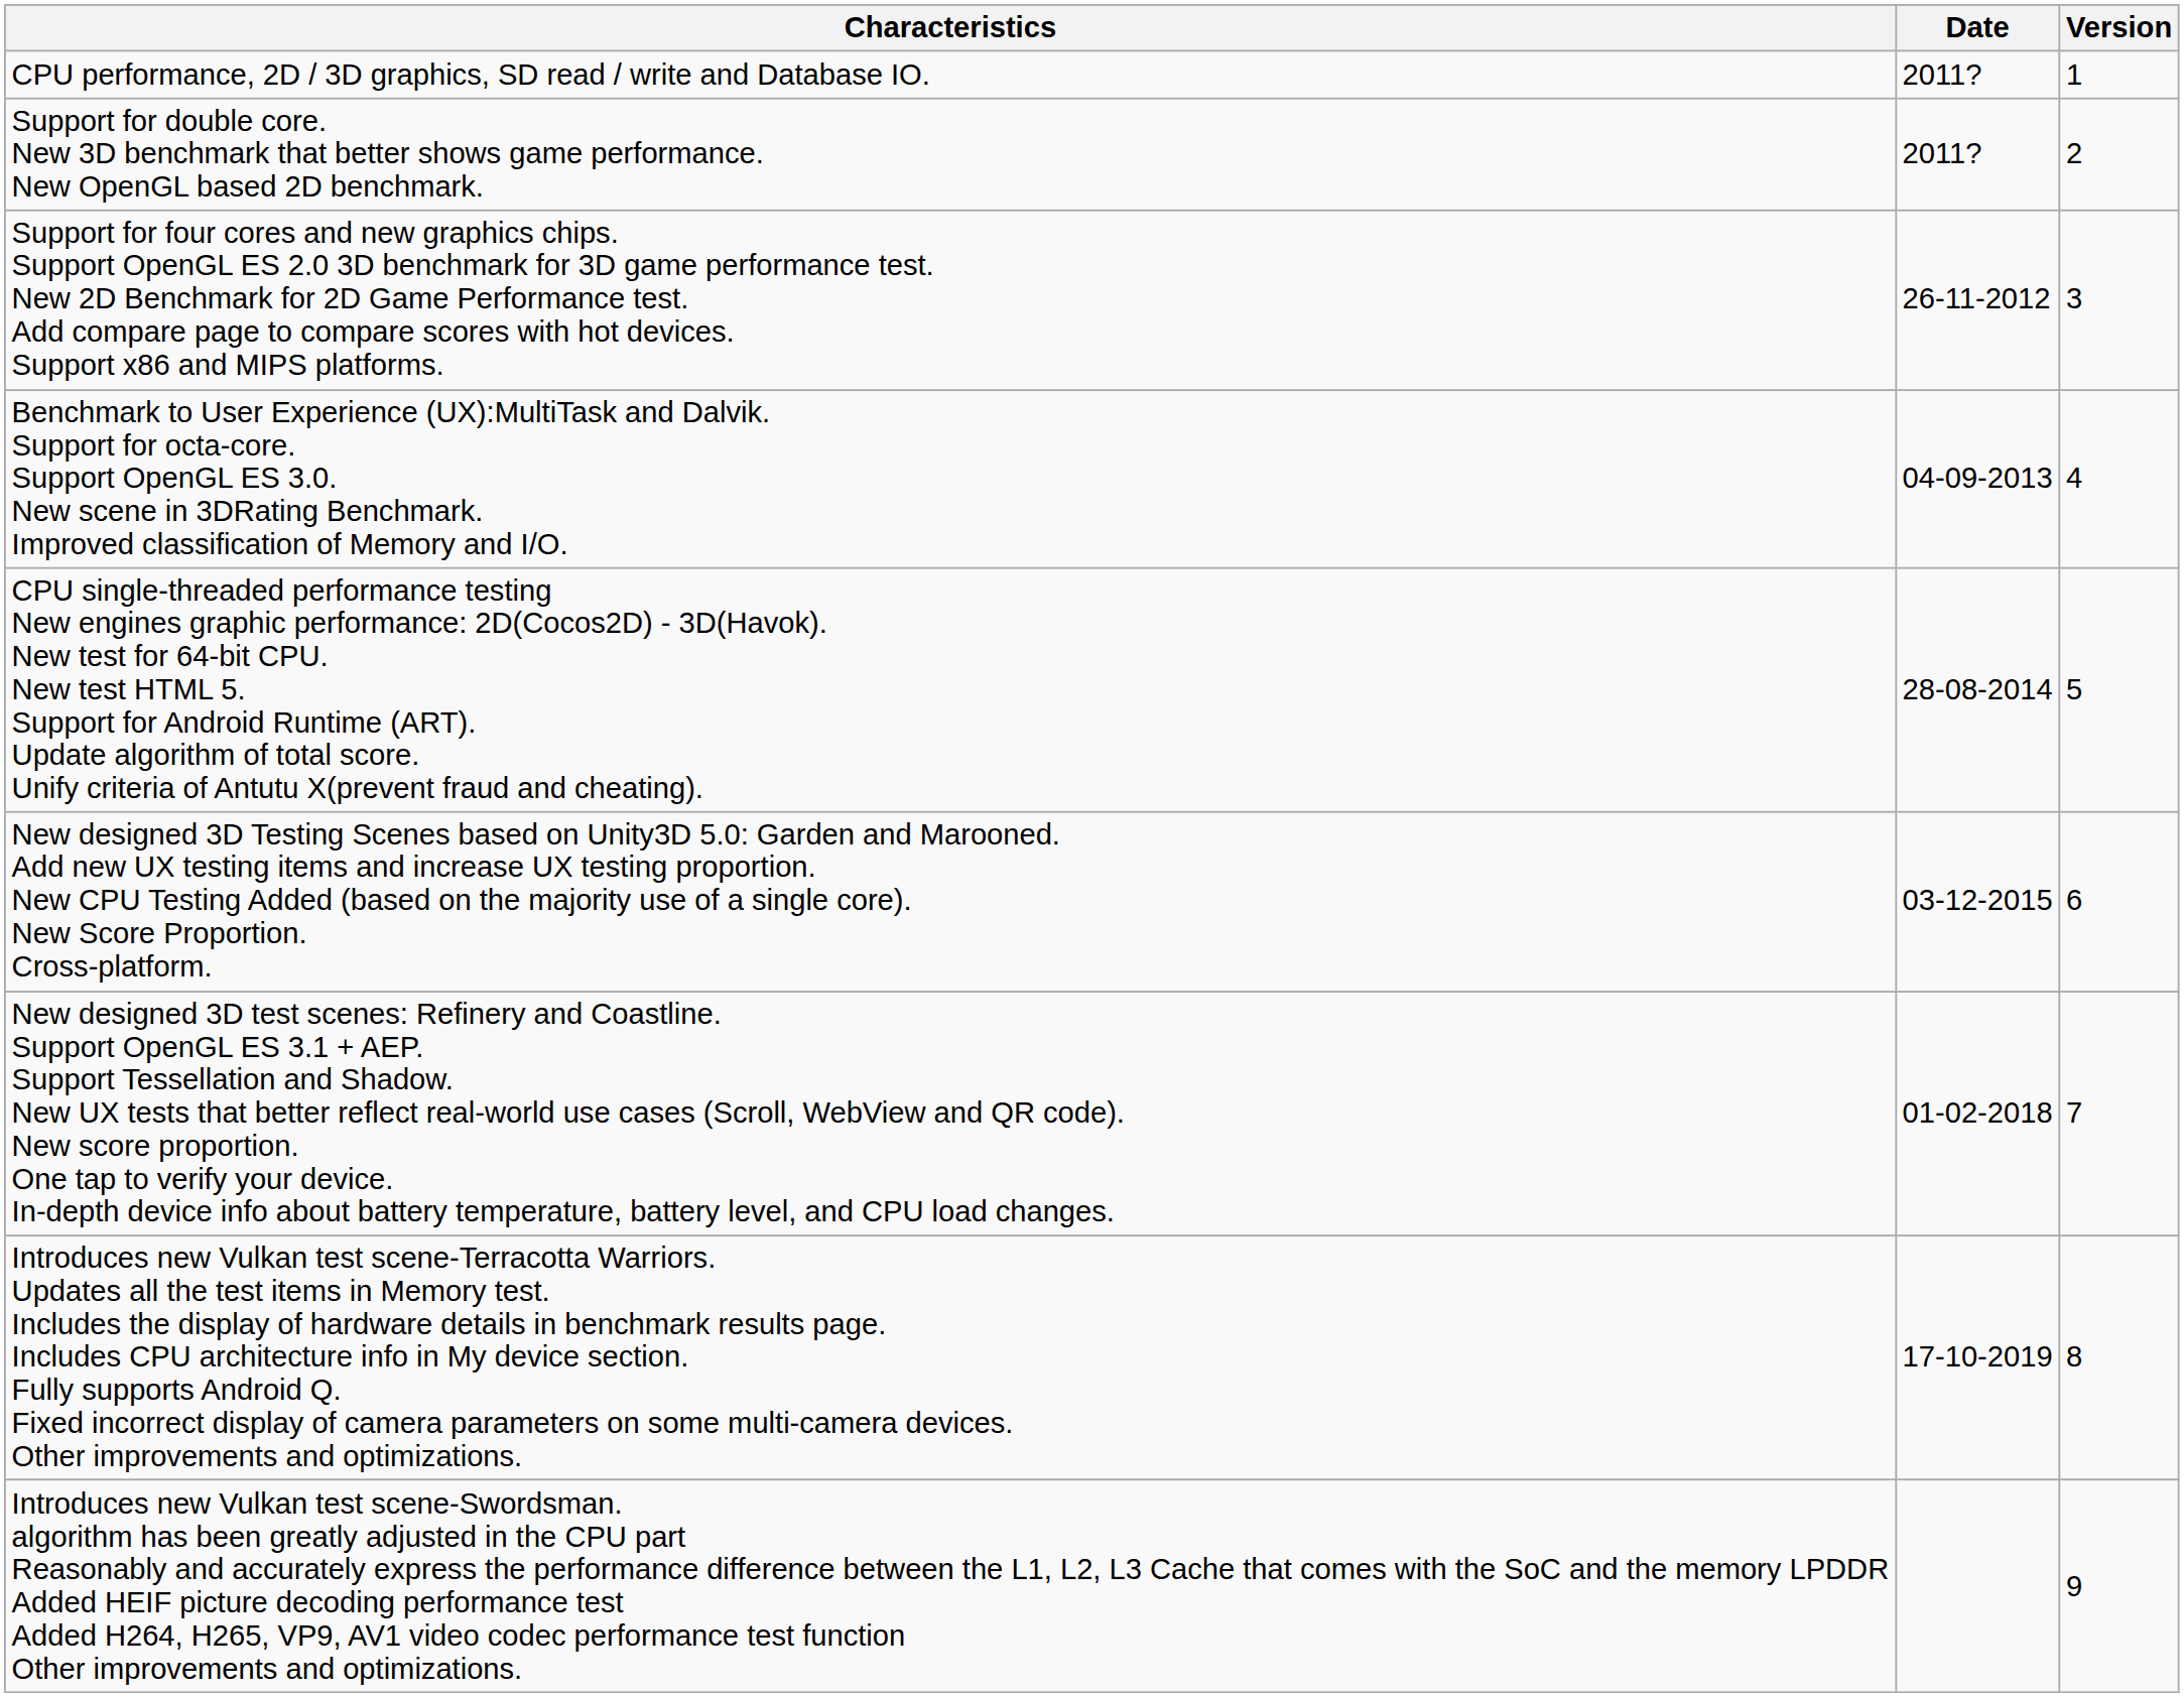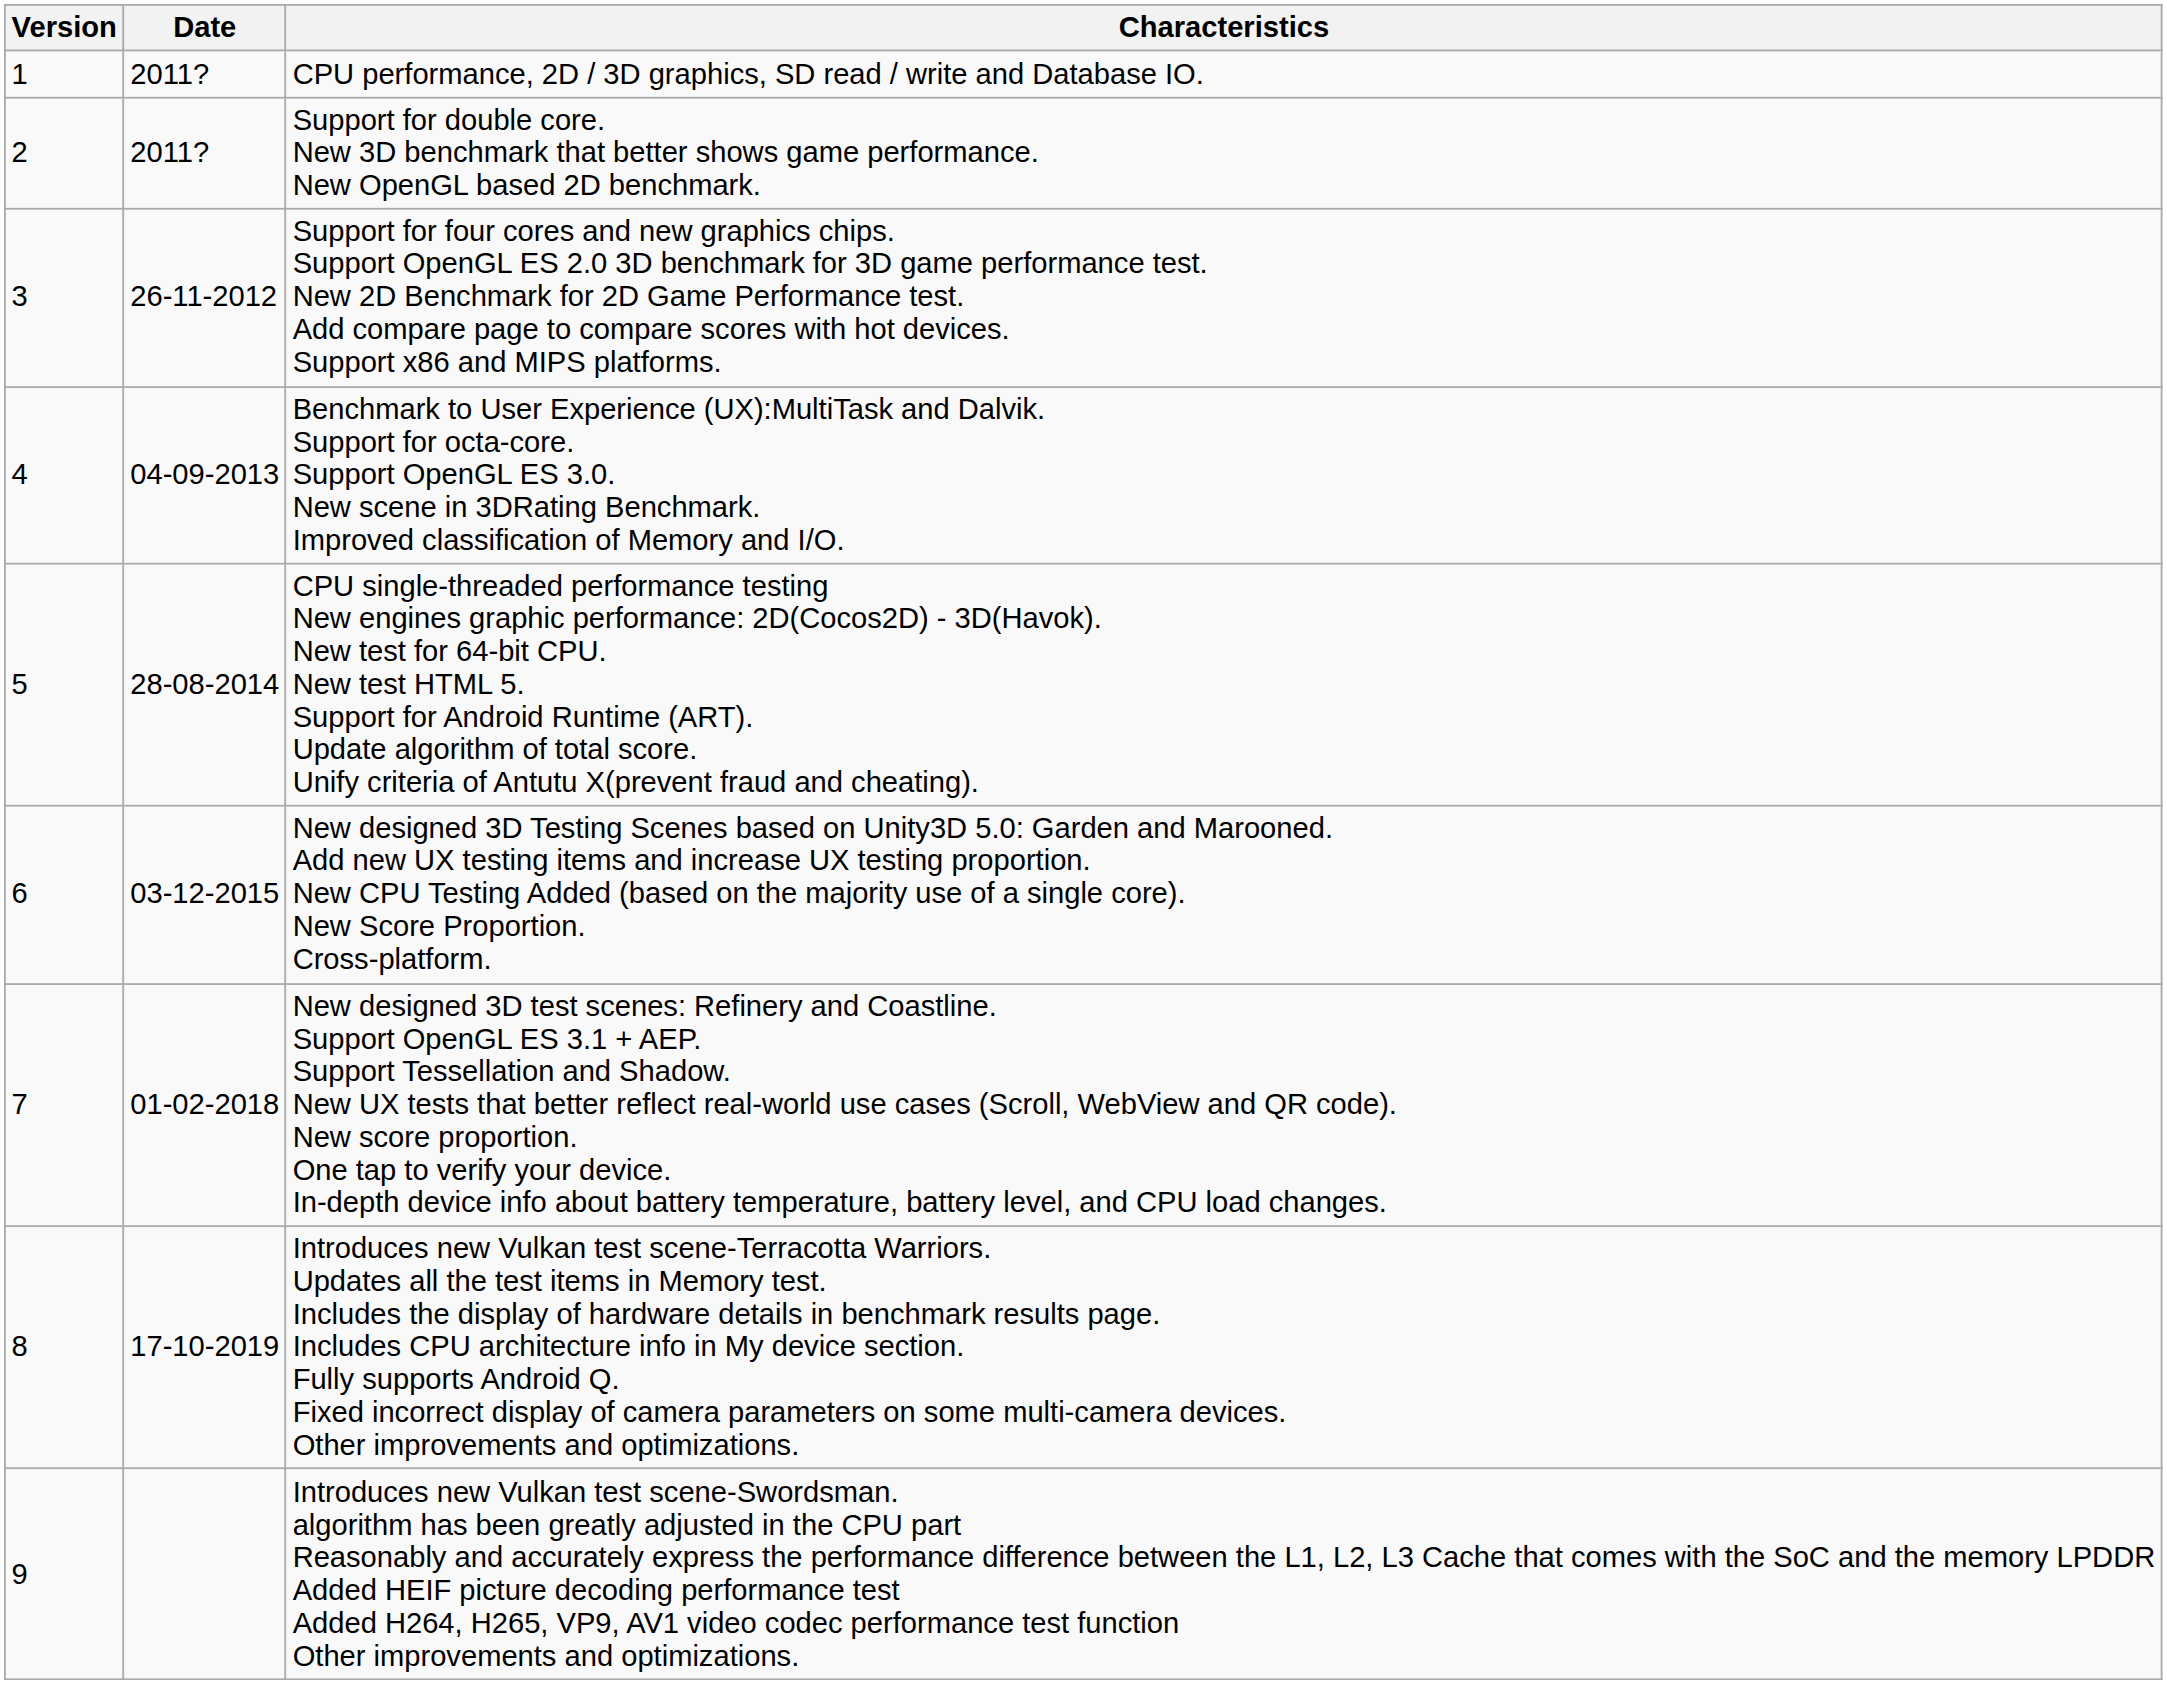 <table class="wikitable">
 <tr>
+<th>Version</th>
+<th>Date</th>
 <th>Characteristics</th>
-<th>Date</th>
-<th>Version</th>
 </tr>
 <tr>
+<td>1</td>
+<td>2011?</td>
 <td>CPU performance, 2D / 3D graphics, SD read / write and Database IO.</td>
-<td>2011?</td>
-<td>1</td>
 </tr>
 <tr>
+<td>2</td>
+<td>2011?</td>
 <td>Support for double core.<br>New 3D benchmark that better shows game performance.<br>New OpenGL based 2D benchmark.</td>
-<td>2011?</td>
-<td>2</td>
 </tr>
 <tr>
+<td>3</td>
+<td>26-11-2012</td>
 <td>Support for four cores and new graphics chips.<br>Support OpenGL ES 2.0 3D benchmark for 3D game performance test.<br>New 2D Benchmark for 2D Game Performance test.<br>Add compare page to compare scores with hot devices.<br>Support x86 and MIPS platforms.</td>
-<td>26-11-2012</td>
-<td>3</td>
 </tr>
 <tr>
+<td>4</td>
+<td>04-09-2013</td>
 <td>Benchmark to User Experience (UX):MultiTask and Dalvik.<br>Support for octa-core.<br>Support OpenGL ES 3.0.<br>New scene in 3DRating Benchmark.<br>Improved classification of Memory and I/O.</td>
-<td>04-09-2013</td>
-<td>4</td>
 </tr>
 <tr>
+<td>5</td>
+<td>28-08-2014</td>
 <td>CPU single-threaded performance testing<br>New engines graphic performance: 2D(Cocos2D) - 3D(Havok).<br>New test for 64-bit CPU.<br>New test HTML 5.<br>Support for Android Runtime (ART).<br>Update algorithm of total score.<br>Unify criteria of Antutu X(prevent fraud and cheating).</td>
-<td>28-08-2014</td>
-<td>5</td>
 </tr>
 <tr>
+<td>6</td>
+<td>03-12-2015</td>
 <td>New designed 3D Testing Scenes based on Unity3D 5.0: Garden and Marooned.<br>Add new UX testing items and increase UX testing proportion.<br>New CPU Testing Added (based on the majority use of a single core).<br>New Score Proportion.<br>Cross-platform.</td>
-<td>03-12-2015</td>
-<td>6</td>
 </tr>
 <tr>
+<td>7</td>
+<td>01-02-2018</td>
 <td>New designed 3D test scenes: Refinery and Coastline.<br>Support OpenGL ES 3.1 + AEP.<br>Support Tessellation and Shadow.<br>New UX tests that better reflect real-world use cases (Scroll, WebView and QR code).<br>New score proportion.<br>One tap to verify your device.<br>In-depth device info about battery temperature, battery level, and CPU load changes.</td>
-<td>01-02-2018</td>
-<td>7</td>
 </tr>
 <tr>
+<td>8</td>
+<td>17-10-2019</td>
 <td>Introduces new Vulkan test scene-Terracotta Warriors.<br>Updates all the test items in Memory test.<br>Includes the display of hardware details in benchmark results page.<br>Includes CPU architecture info in My device section.<br>Fully supports Android Q.<br>Fixed incorrect display of camera parameters on some multi-camera devices.<br>Other improvements and optimizations.</td>
-<td>17-10-2019</td>
-<td>8</td>
 </tr>
 <tr>
+<td>9</td>
+<td></td>
 <td>Introduces new Vulkan test scene-Swordsman.<br>algorithm has been greatly adjusted in the CPU part<br>Reasonably and accurately express the performance difference between the L1, L2, L3 Cache that comes with the SoC and the memory LPDDR<br>Added HEIF picture decoding performance test<br>Added H264, H265, VP9, AV1 video codec performance test function<br>Other improvements and optimizations.</td>
-<td></td>
-<td>9</td>
 </tr>
 </table>
